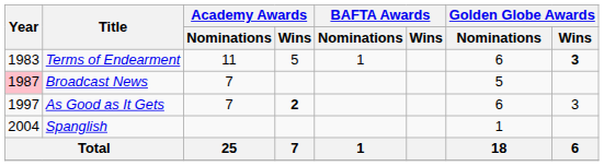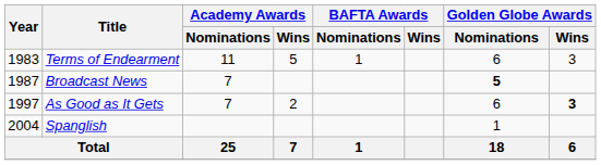 <table class="wikitable">
 <tr>
 <th rowspan="2">Year</th>
 <th rowspan="2">Title</th>
 <th colspan="2"><a href='#'>Academy Awards</a></th>
 <th colspan="2"><a href='#'>BAFTA Awards</a></th>
 <th colspan="2"><a href='#'>Golden Globe Awards</a></th>
 </tr>
 <tr>
 <th>Nominations</th>
 <th>Wins</th>
 <th>Nominations</th>
 <th>Wins</th>
 <th>Nominations</th>
 <th>Wins</th>
 </tr>
 <tr>
 <td>1983</td>
 <td><em><a href='#'>Terms of Endearment</a></em></td>
 <td align=center>11</td>
 <td align=center>5</td>
 <td align=center>1</td>
 <td></td>
 <td align=center>6</td>
-<td align=center><strong>3</strong></td>
+<td align=center>3</td>
 </tr>
 <tr>
-<td style="background: pink;">1987</td>
+<td>1987</td>
 <td><a href='#'><em>Broadcast News</em></a></td>
 <td align=center>7</td>
 <td></td>
 <td></td>
 <td></td>
-<td align=center>5</td>
+<td align=center><strong>5</strong></td>
 <td></td>
 </tr>
 <tr>
 <td>1997</td>
 <td><em><a href='#'>As Good as It Gets</a></em></td>
 <td align=center>7</td>
-<td align=center><strong>2</strong></td>
+<td align=center>2</td>
 <td></td>
 <td></td>
 <td align=center>6</td>
-<td align=center>3</td>
+<td align=center><strong>3</strong></td>
 </tr>
 <tr>
 <td>2004</td>
 <td><a href='#'><em>Spanglish</em></a></td>
 <td></td>
 <td></td>
 <td></td>
 <td></td>
 <td align=center>1</td>
 <td></td>
 </tr>
 <tr>
 <th colspan="2">Total</th>
 <th>25</th>
 <th>7</th>
 <th>1</th>
 <th></th>
 <th>18</th>
 <th>6</th>
 </tr>
 <tr>
 </tr>
 </table>
